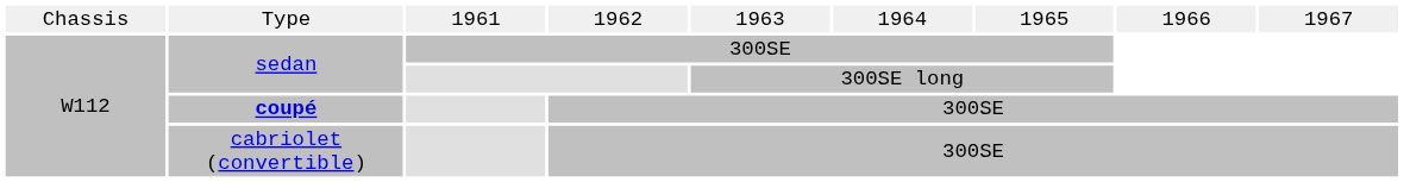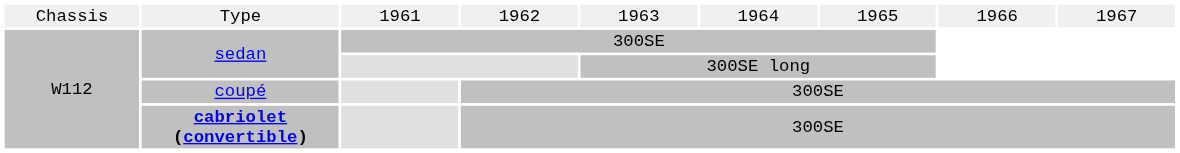 <table class="toccolours" style="margin:0 auto; float:left;">
 <tr style="background:#f0f0f0; text-align:center;">
 <td style="width:5%;">Chassis</td>
 <td style="text-align:center; width:5%;">Type</td>
 <td style="text-align:center; width:5%;">1961</td>
 <td style="text-align:center; width:5%;">1962</td>
 <td style="text-align:center; width:5%;">1963</td>
 <td style="text-align:center; width:5%;">1964</td>
 <td style="text-align:center; width:5%;">1965</td>
 <td style="text-align:center; width:5%;">1966</td>
 <td style="text-align:center; width:5%;">1967</td>
 </tr>
 <tr align=center>
 <td rowspan="4" style="background:silver;">W112</td>
 <td style="background:silver;" rowspan="2"><a href='#'>sedan</a></td>
 <td colspan="5" style="background:silver;">300SE</td>
 </tr>
 <tr align=center>
 <td colspan="2" style="background:#e0e0e0;"></td>
 <td colspan="3" style="background:silver;">300SE long</td>
 </tr>
 <tr align=center>
-<td style="background:silver;"><strong><a href='#'>coupé</a></strong></td>
+<td style="background:silver;"><a href='#'>coupé</a></td>
 <td style="background:#e0e0e0;"></td>
 <td colspan="6" style="background:silver;">300SE</td>
 </tr>
 <tr align=center>
-<td style="background:silver;"><a href='#'>cabriolet</a> (<a href='#'>convertible</a>)</td>
+<td style="background:silver;"><strong><a href='#'>cabriolet</a> (<a href='#'>convertible</a>)</strong></td>
 <td style="background:#e0e0e0;"></td>
 <td colspan="6" style="background:silver;">300SE</td>
 </tr>
 </table>
